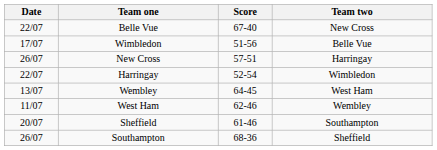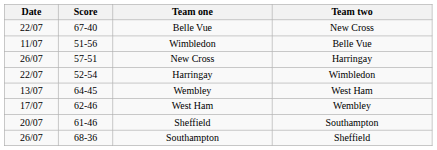 <table class="wikitable" style="text-align: center">
 <tr>
 <th width=80>Date</th>
+<th width=80>Score</th>
 <th width=250>Team one</th>
-<th width=80>Score</th>
 <th width=250>Team two</th>
 </tr>
 <tr>
 <td>22/07</td>
+<td>67-40</td>
 <td>Belle Vue</td>
-<td>67-40</td>
 <td>New Cross</td>
 </tr>
 <tr>
-<td>17/07</td>
+<td>11/07</td>
+<td>51-56</td>
 <td>Wimbledon</td>
-<td>51-56</td>
 <td>Belle Vue</td>
 </tr>
 <tr>
 <td>26/07</td>
+<td>57-51</td>
 <td>New Cross</td>
-<td>57-51</td>
 <td>Harringay</td>
 </tr>
 <tr>
 <td>22/07</td>
+<td>52-54</td>
 <td>Harringay</td>
-<td>52-54</td>
 <td>Wimbledon</td>
 </tr>
 <tr>
 <td>13/07</td>
+<td>64-45</td>
 <td>Wembley</td>
-<td>64-45</td>
 <td>West Ham</td>
 </tr>
 <tr>
-<td>11/07</td>
+<td>17/07</td>
+<td>62-46</td>
 <td>West Ham</td>
-<td>62-46</td>
 <td>Wembley</td>
 </tr>
 <tr>
 <td>20/07</td>
+<td>61-46</td>
 <td>Sheffield</td>
-<td>61-46</td>
 <td>Southampton</td>
 </tr>
 <tr>
 <td>26/07</td>
+<td>68-36</td>
 <td>Southampton</td>
-<td>68-36</td>
 <td>Sheffield</td>
 </tr>
 </table>
